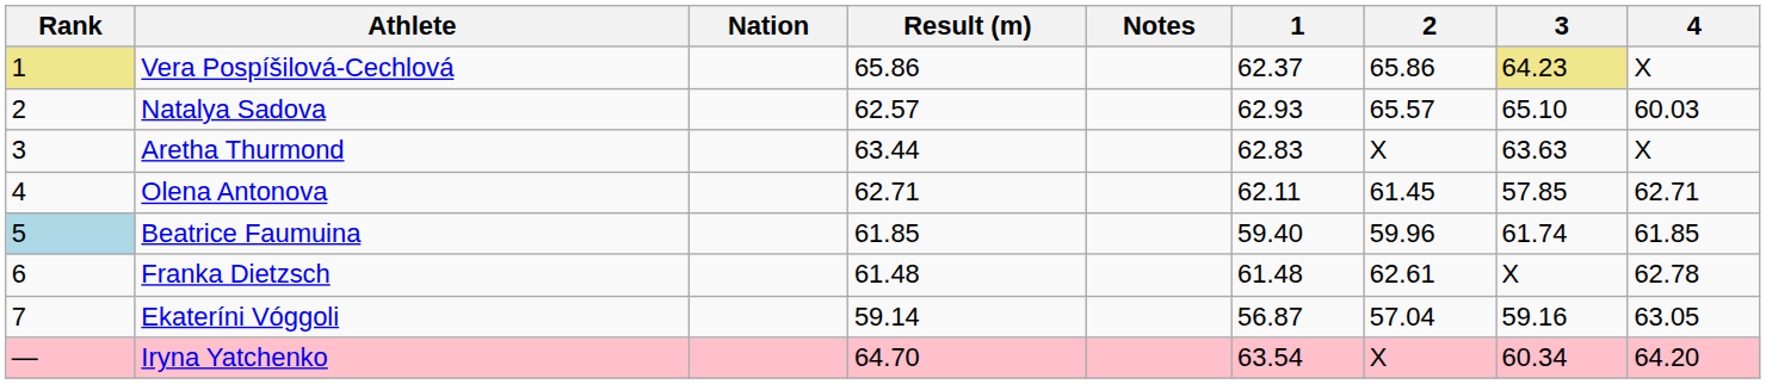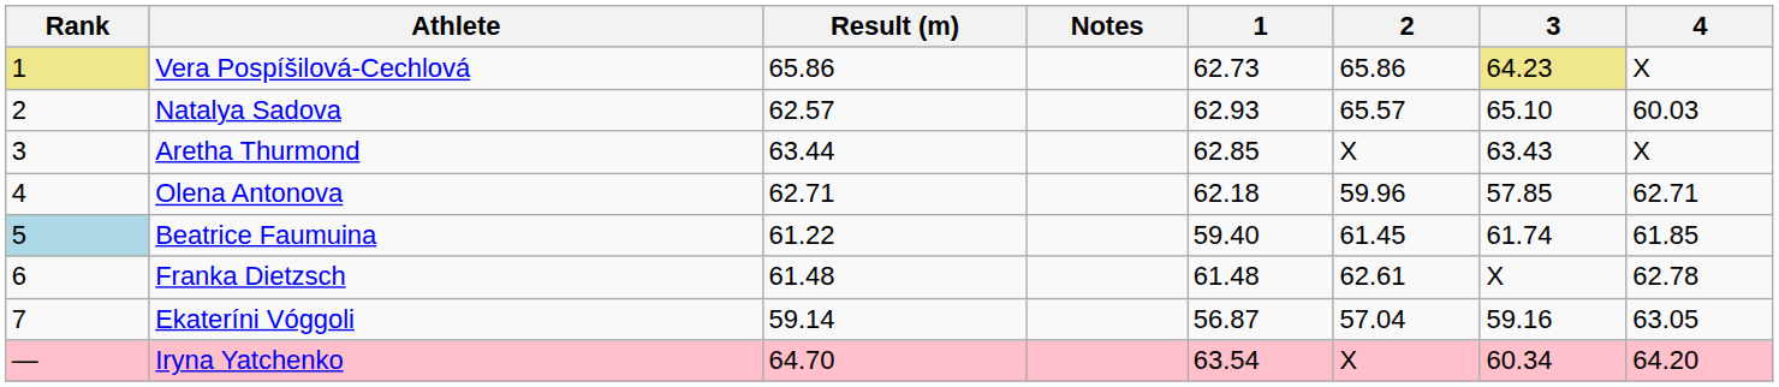 <table class="wikitable" style="text=align:center;" width=85%>
 <tr>
 <th>Rank</th>
 <th>Athlete</th>
-<th>Nation</th>
 <th>Result (m)</th>
 <th>Notes</th>
 <th>1</th>
 <th>2</th>
 <th>3</th>
 <th>4</th>
 </tr>
 <tr>
 <td style="background: khaki;">1</td>
 <td><a href='#'>Vera Pospíšilová-Cechlová</a></td>
-<td></td>
 <td>65.86</td>
 <td></td>
-<td>62.37</td>
+<td>62.73</td>
 <td>65.86</td>
 <td style="background: khaki;">64.23</td>
 <td>X</td>
 </tr>
 <tr>
 <td>2</td>
 <td><a href='#'>Natalya Sadova</a></td>
-<td></td>
 <td>62.57</td>
 <td></td>
 <td>62.93</td>
 <td>65.57</td>
 <td>65.10</td>
 <td>60.03</td>
 </tr>
 <tr>
 <td>3</td>
 <td><a href='#'>Aretha Thurmond</a></td>
-<td></td>
 <td>63.44</td>
 <td></td>
-<td>62.83</td>
+<td>62.85</td>
 <td>X</td>
-<td>63.63</td>
+<td>63.43</td>
 <td>X</td>
 </tr>
 <tr>
 <td>4</td>
 <td><a href='#'>Olena Antonova</a></td>
-<td></td>
 <td>62.71</td>
 <td></td>
-<td>62.11</td>
-<td>61.45</td>
+<td>62.18</td>
+<td>59.96</td>
 <td>57.85</td>
 <td>62.71</td>
 </tr>
 <tr>
 <td style="background: lightblue;">5</td>
 <td><a href='#'>Beatrice Faumuina</a></td>
-<td></td>
-<td>61.85</td>
+<td>61.22</td>
 <td></td>
 <td>59.40</td>
-<td>59.96</td>
+<td>61.45</td>
 <td>61.74</td>
 <td>61.85</td>
 </tr>
 <tr>
 <td>6</td>
 <td><a href='#'>Franka Dietzsch</a></td>
-<td></td>
 <td>61.48</td>
 <td></td>
 <td>61.48</td>
 <td>62.61</td>
 <td>X</td>
 <td>62.78</td>
 </tr>
 <tr>
 <td>7</td>
 <td><a href='#'>Ekateríni Vóggoli</a></td>
-<td></td>
 <td>59.14</td>
 <td></td>
 <td>56.87</td>
 <td>57.04</td>
 <td>59.16</td>
 <td>63.05</td>
 </tr>
 <tr bgcolor=pink>
 <td>—</td>
 <td><a href='#'>Iryna Yatchenko</a></td>
-<td></td>
 <td>64.70</td>
 <td></td>
 <td>63.54</td>
 <td>X</td>
 <td>60.34</td>
 <td>64.20</td>
 </tr>
 </table>
